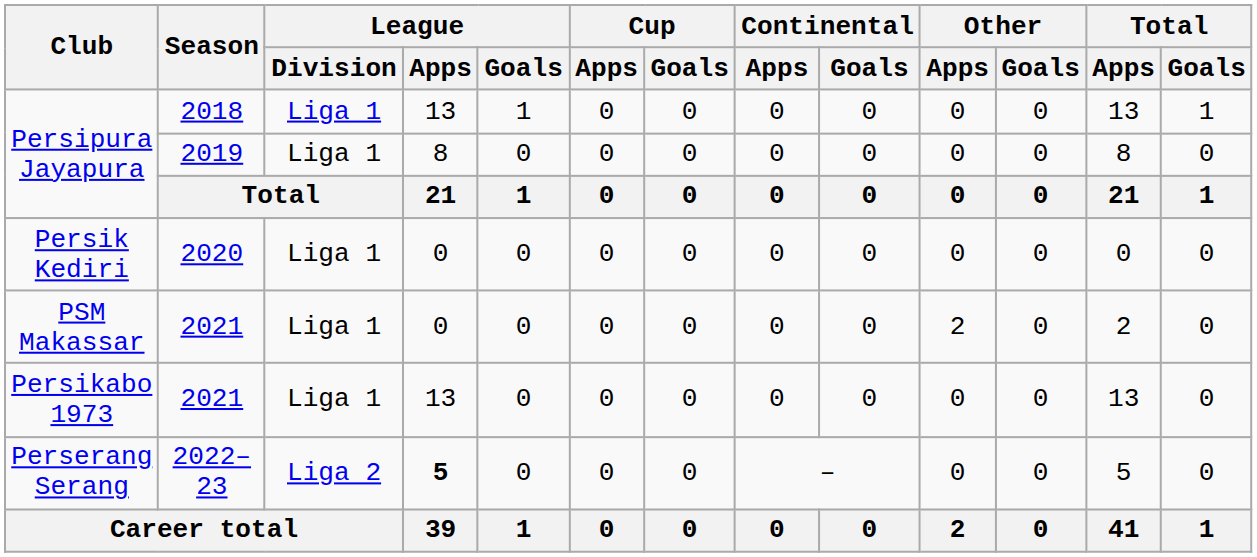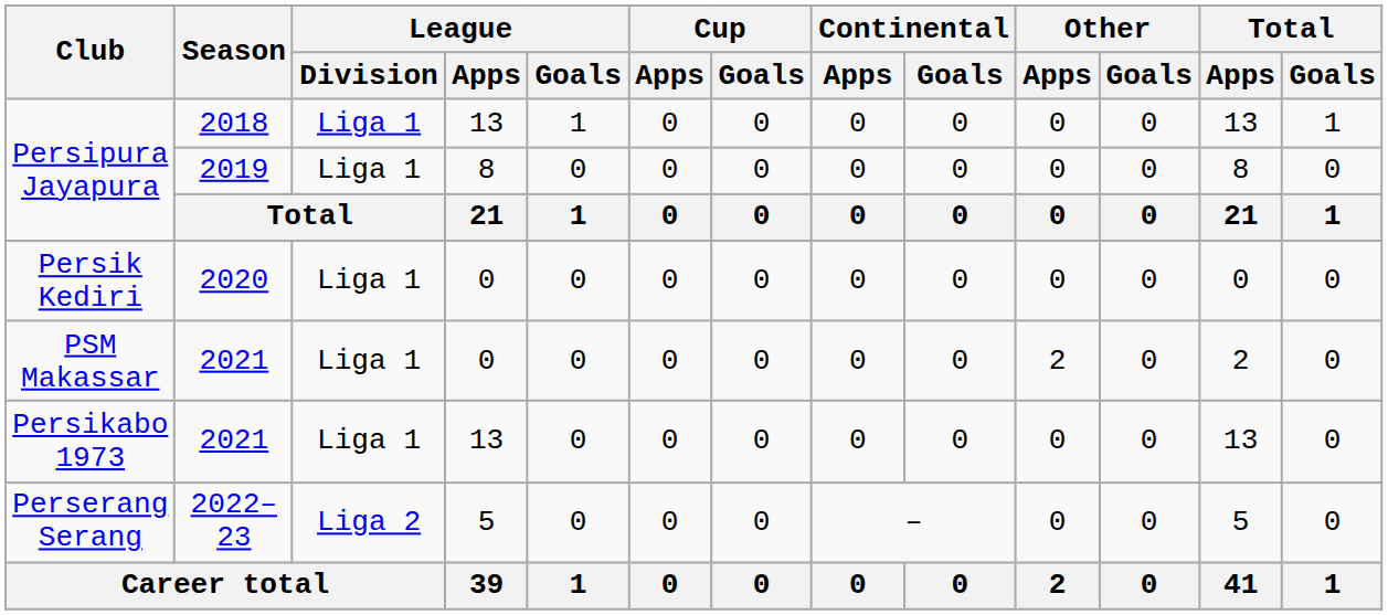 <table class="wikitable" style="text-align:center">
 <tr>
 <th rowspan="2">Club</th>
 <th rowspan="2">Season</th>
 <th colspan="3">League</th>
 <th colspan="2">Cup</th>
 <th colspan="2">Continental</th>
 <th colspan="2">Other</th>
 <th colspan="2">Total</th>
 </tr>
 <tr>
 <th>Division</th>
 <th>Apps</th>
 <th>Goals</th>
 <th>Apps</th>
 <th>Goals</th>
 <th>Apps</th>
 <th>Goals</th>
 <th>Apps</th>
 <th>Goals</th>
 <th>Apps</th>
 <th>Goals</th>
 </tr>
 <tr>
 <td rowspan="3" valign="center"><a href='#'>Persipura Jayapura</a></td>
 <td><a href='#'>2018</a></td>
 <td rowspan="1" valign="center"><a href='#'>Liga 1</a></td>
 <td>13</td>
 <td>1</td>
 <td>0</td>
 <td>0</td>
 <td>0</td>
 <td>0</td>
 <td>0</td>
 <td>0</td>
 <td>13</td>
 <td>1</td>
 </tr>
 <tr>
 <td><a href='#'>2019</a></td>
 <td rowspan="1" valign="center">Liga 1</td>
 <td>8</td>
 <td>0</td>
 <td>0</td>
 <td>0</td>
 <td>0</td>
 <td>0</td>
 <td>0</td>
 <td>0</td>
 <td>8</td>
 <td>0</td>
 </tr>
 <tr>
 <th colspan="2">Total</th>
 <th>21</th>
 <th>1</th>
 <th>0</th>
 <th>0</th>
 <th>0</th>
 <th>0</th>
 <th>0</th>
 <th>0</th>
 <th>21</th>
 <th>1</th>
 </tr>
 <tr>
 <td rowspan="1" valign="center"><a href='#'>Persik Kediri</a></td>
 <td><a href='#'>2020</a></td>
 <td rowspan="1" valign="center">Liga 1</td>
 <td>0</td>
 <td>0</td>
 <td>0</td>
 <td>0</td>
 <td>0</td>
 <td>0</td>
 <td>0</td>
 <td>0</td>
 <td>0</td>
 <td>0</td>
 </tr>
 <tr>
 <td rowspan="1" valign="center"><a href='#'>PSM Makassar</a></td>
 <td><a href='#'>2021</a></td>
 <td rowspan="1" valign="center">Liga 1</td>
 <td>0</td>
 <td>0</td>
 <td>0</td>
 <td>0</td>
 <td>0</td>
 <td>0</td>
 <td>2</td>
 <td>0</td>
 <td>2</td>
 <td>0</td>
 </tr>
 <tr>
 <td rowspan="1" valign="center"><a href='#'>Persikabo 1973</a></td>
 <td><a href='#'>2021</a></td>
 <td rowspan="1" valign="center">Liga 1</td>
 <td>13</td>
 <td>0</td>
 <td>0</td>
 <td>0</td>
 <td>0</td>
 <td>0</td>
 <td>0</td>
 <td>0</td>
 <td>13</td>
 <td>0</td>
 </tr>
 <tr>
 <td rowspan="1"><a href='#'>Perserang Serang</a></td>
 <td><a href='#'>2022–23</a></td>
 <td rowspan="1"><a href='#'>Liga 2</a></td>
-<td><strong>5</strong></td>
+<td>5</td>
 <td>0</td>
 <td>0</td>
 <td>0</td>
 <td colspan="2">–</td>
 <td>0</td>
 <td>0</td>
 <td>5</td>
 <td>0</td>
 </tr>
 <tr>
 <th colspan="3">Career total</th>
 <th>39</th>
 <th>1</th>
 <th>0</th>
 <th>0</th>
 <th>0</th>
 <th>0</th>
 <th>2</th>
 <th>0</th>
 <th>41</th>
 <th>1</th>
 </tr>
 </table>
